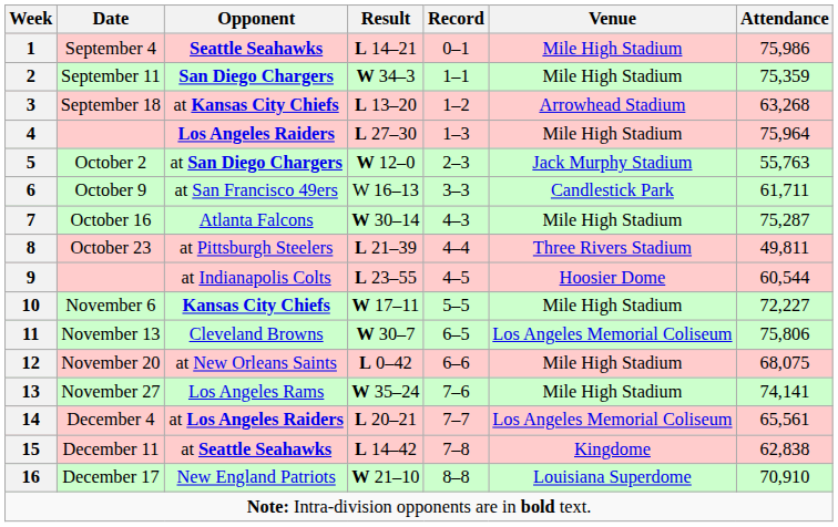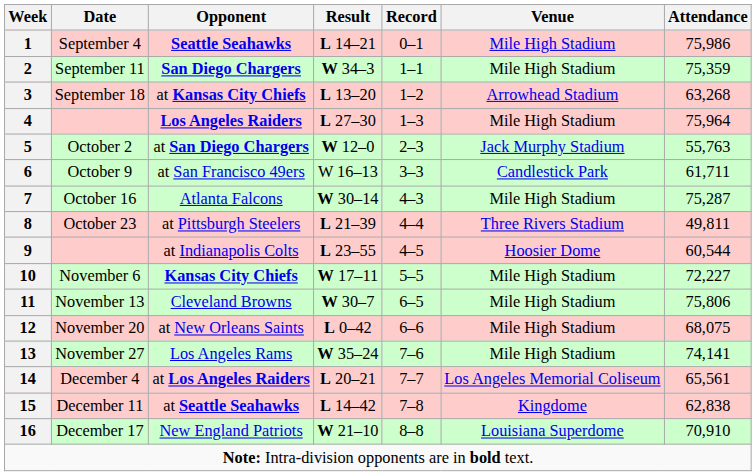 <table class="wikitable" style="text-align:center">
 <tr>
 <th>Week</th>
 <th>Date</th>
 <th>Opponent</th>
 <th>Result</th>
 <th>Record</th>
 <th>Venue</th>
 <th>Attendance</th>
 </tr>
 <tr style="background:#fcc">
 <th>1</th>
 <td>September 4</td>
 <td><strong><a href='#'>Seattle Seahawks</a></strong></td>
 <td><strong>L</strong> 14–21</td>
 <td>0–1</td>
 <td><a href='#'>Mile High Stadium</a></td>
 <td>75,986</td>
 </tr>
 <tr style="background:#cfc">
 <th>2</th>
 <td>September 11</td>
 <td><strong><a href='#'>San Diego Chargers</a></strong></td>
 <td><strong>W</strong> 34–3</td>
 <td>1–1</td>
 <td>Mile High Stadium</td>
 <td>75,359</td>
 </tr>
 <tr style="background:#fcc">
 <th>3</th>
 <td>September 18</td>
 <td>at <strong><a href='#'>Kansas City Chiefs</a></strong></td>
 <td><strong>L</strong> 13–20</td>
 <td>1–2</td>
 <td><a href='#'>Arrowhead Stadium</a></td>
 <td>63,268</td>
 </tr>
 <tr style="background:#fcc">
 <th>4</th>
 <td></td>
 <td><strong><a href='#'>Los Angeles Raiders</a></strong></td>
 <td><strong>L</strong> 27–30 </td>
 <td>1–3</td>
 <td>Mile High Stadium</td>
 <td>75,964</td>
 </tr>
 <tr style="background:#cfc">
 <th>5</th>
 <td>October 2</td>
 <td>at <strong><a href='#'>San Diego Chargers</a></strong></td>
 <td><strong>W</strong> 12–0</td>
 <td>2–3</td>
 <td><a href='#'>Jack Murphy Stadium</a></td>
 <td>55,763</td>
 </tr>
 <tr style="background:#cfc">
 <th>6</th>
 <td>October 9</td>
 <td>at <a href='#'>San Francisco 49ers</a></td>
 <td>W 16–13 </td>
 <td>3–3</td>
 <td><a href='#'>Candlestick Park</a></td>
 <td>61,711</td>
 </tr>
 <tr style="background:#cfc">
 <th>7</th>
 <td>October 16</td>
 <td><a href='#'>Atlanta Falcons</a></td>
 <td><strong>W</strong> 30–14</td>
 <td>4–3</td>
 <td>Mile High Stadium</td>
 <td>75,287</td>
 </tr>
 <tr style="background:#fcc">
 <th>8</th>
 <td>October 23</td>
 <td>at <a href='#'>Pittsburgh Steelers</a></td>
 <td><strong>L</strong> 21–39</td>
 <td>4–4</td>
 <td><a href='#'>Three Rivers Stadium</a></td>
 <td>49,811</td>
 </tr>
 <tr style="background:#fcc">
 <th>9</th>
 <td></td>
 <td>at <a href='#'>Indianapolis Colts</a></td>
 <td><strong>L</strong> 23–55</td>
 <td>4–5</td>
 <td><a href='#'>Hoosier Dome</a></td>
 <td>60,544</td>
 </tr>
 <tr style="background:#cfc">
 <th>10</th>
 <td>November 6</td>
 <td><strong><a href='#'>Kansas City Chiefs</a></strong></td>
 <td><strong>W</strong> 17–11</td>
 <td>5–5</td>
 <td>Mile High Stadium</td>
 <td>72,227</td>
 </tr>
 <tr style="background:#cfc">
 <th>11</th>
 <td>November 13</td>
 <td><a href='#'>Cleveland Browns</a></td>
 <td><strong>W</strong> 30–7</td>
 <td>6–5</td>
-<td><a href='#'>Los Angeles Memorial Coliseum</a></td>
+<td>Mile High Stadium</td>
 <td>75,806</td>
 </tr>
 <tr style="background:#fcc">
 <th>12</th>
 <td>November 20</td>
 <td>at <a href='#'>New Orleans Saints</a></td>
 <td><strong>L</strong> 0–42</td>
 <td>6–6</td>
 <td>Mile High Stadium</td>
 <td>68,075</td>
 </tr>
 <tr style="background:#cfc">
 <th>13</th>
 <td>November 27</td>
 <td><a href='#'>Los Angeles Rams</a></td>
 <td><strong>W</strong> 35–24</td>
 <td>7–6</td>
 <td>Mile High Stadium</td>
 <td>74,141</td>
 </tr>
 <tr style="background:#fcc">
 <th>14</th>
 <td>December 4</td>
 <td>at <strong><a href='#'>Los Angeles Raiders</a></strong></td>
 <td><strong>L</strong> 20–21</td>
 <td>7–7</td>
 <td><a href='#'>Los Angeles Memorial Coliseum</a></td>
 <td>65,561</td>
 </tr>
 <tr style="background:#fcc">
 <th>15</th>
 <td>December 11</td>
 <td>at <strong><a href='#'>Seattle Seahawks</a></strong></td>
 <td><strong>L</strong> 14–42</td>
 <td>7–8</td>
 <td><a href='#'>Kingdome</a></td>
 <td>62,838</td>
 </tr>
 <tr style="background:#cfc">
 <th>16</th>
 <td>December 17</td>
 <td><a href='#'>New England Patriots</a></td>
 <td><strong>W</strong> 21–10</td>
 <td>8–8</td>
 <td><a href='#'>Louisiana Superdome</a></td>
 <td>70,910</td>
 </tr>
 <tr>
 <td colspan="8"><strong>Note:</strong> Intra-division opponents are in <strong>bold</strong> text.</td>
 </tr>
 </table>
